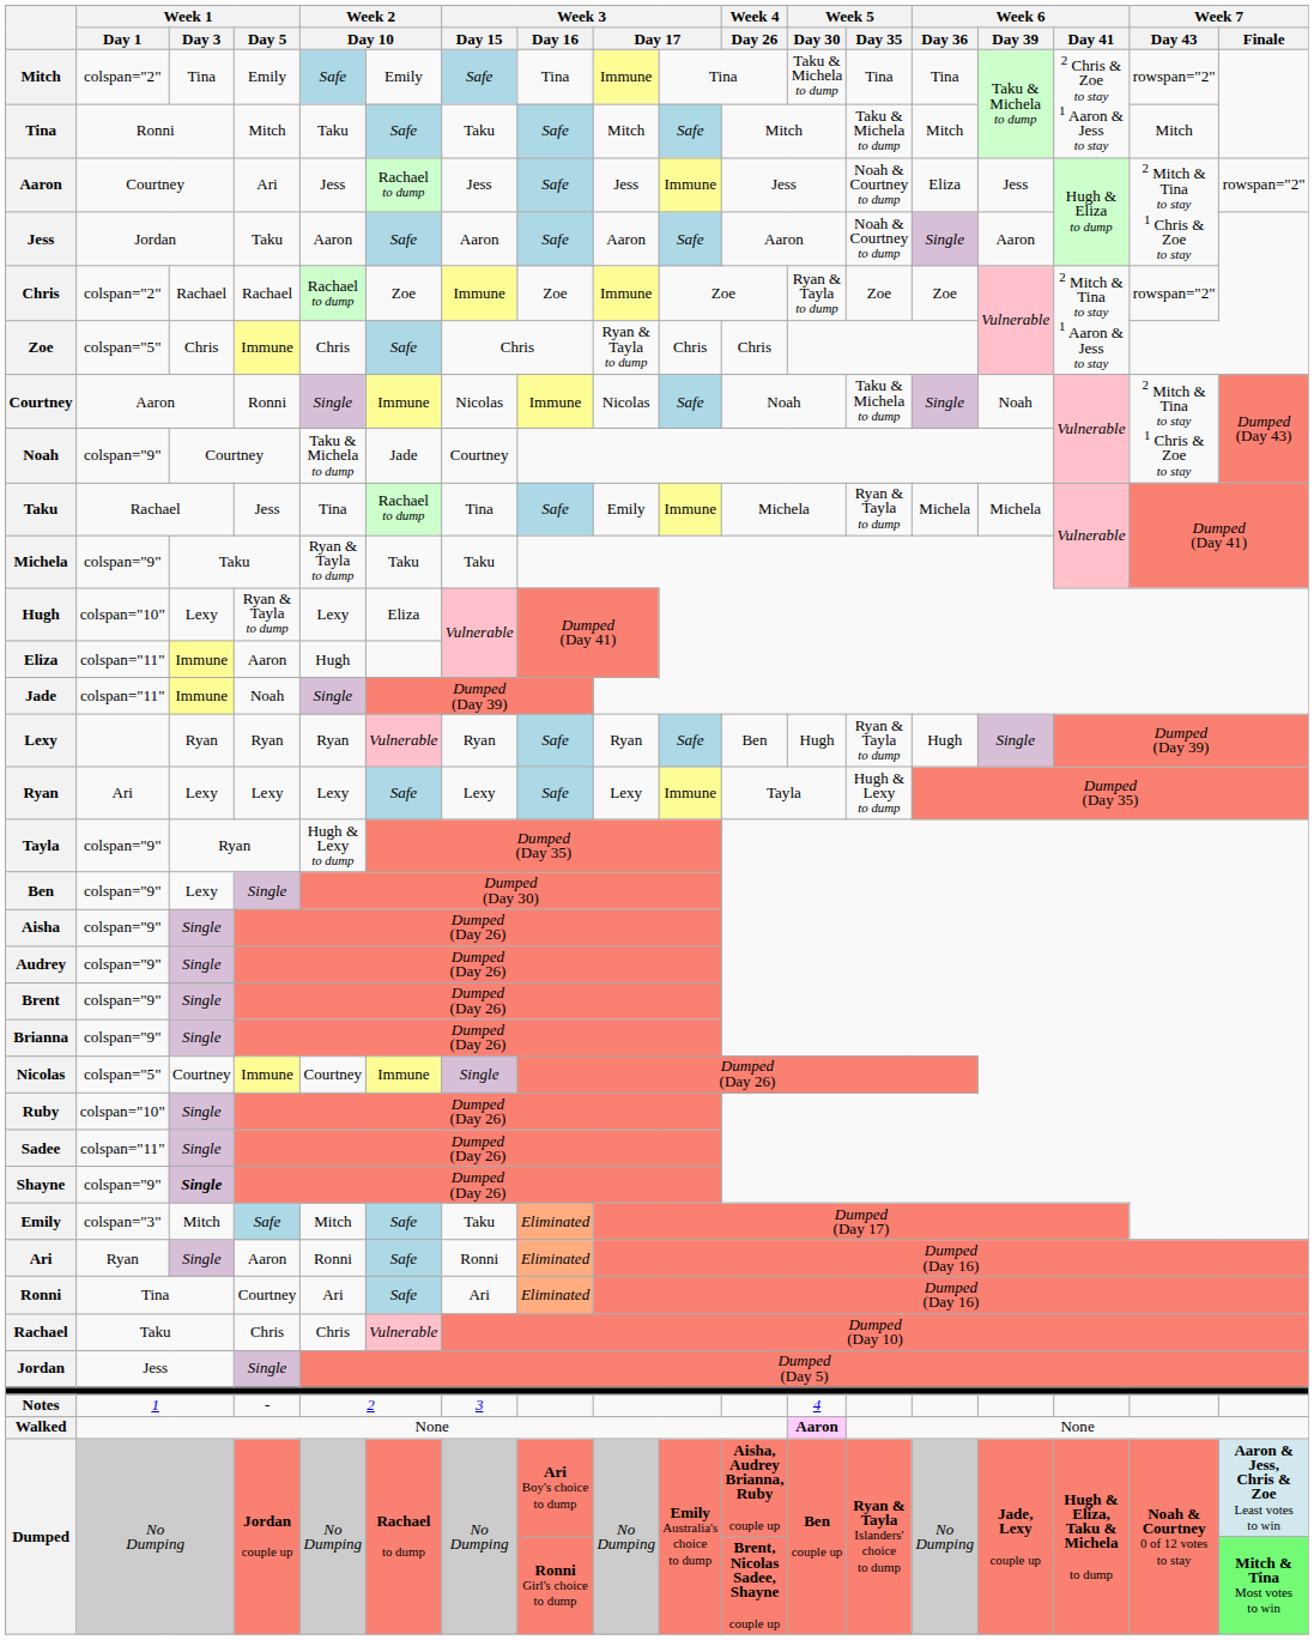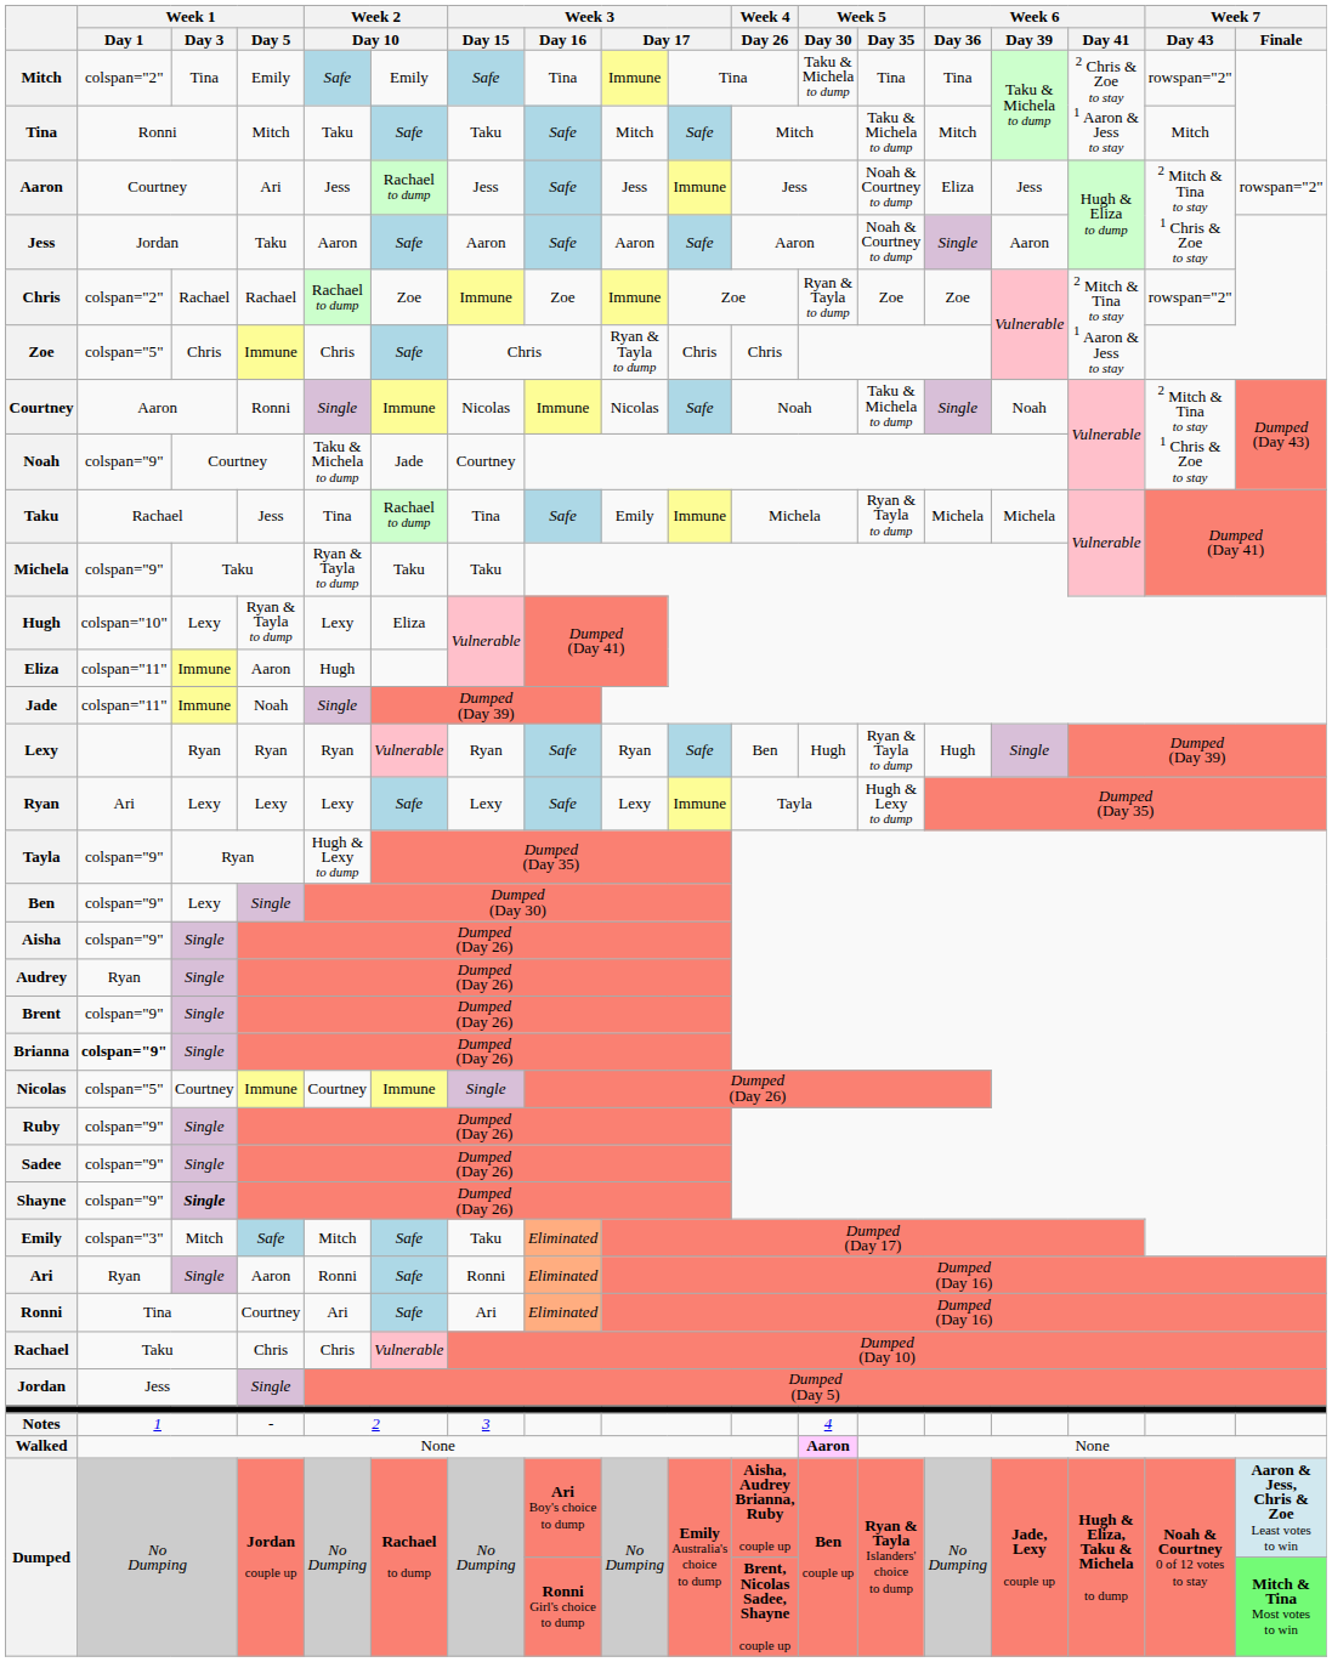 <table class="wikitable" style="text-align:center; font-size:80%; line-height:12px;">
 <tr>
 <th rowspan="2"></th>
 <th colspan="3">Week 1</th>
 <th colspan="2">Week 2</th>
 <th colspan="4">Week 3</th>
 <th>Week 4</th>
 <th colspan="2">Week 5</th>
 <th colspan="3">Week 6</th>
 <th colspan="2">Week 7</th>
 </tr>
 <tr>
 <th>Day 1</th>
 <th>Day 3</th>
 <th>Day 5</th>
 <th colspan="2">Day 10</th>
 <th>Day 15</th>
 <th>Day 16</th>
 <th colspan="2">Day 17</th>
 <th>Day 26</th>
 <th>Day 30</th>
 <th>Day 35</th>
 <th>Day 36</th>
 <th>Day 39</th>
 <th>Day 41</th>
 <th>Day 43</th>
 <th>Finale</th>
 </tr>
 <tr>
 <th height="24">Mitch</th>
 <td>colspan="2" </td>
 <td>Tina</td>
 <td>Emily</td>
 <td style="background:lightblue"><em>Safe</em></td>
 <td>Emily</td>
 <td style="background:lightblue"><em>Safe</em></td>
 <td>Tina</td>
 <td style="background:#fdfd96">Immune</td>
 <td colspan="2">Tina</td>
 <td>Taku & Michela<br><small><em>to dump</em></small></td>
 <td>Tina</td>
 <td>Tina</td>
 <td rowspan="2" style="background:#cfc">Taku & Michela<br><small><em>to dump</em></small></td>
 <td rowspan="2"><sup>2</sup> Chris & Zoe<br><small><em>to stay<br></em></small><sup>1</sup> Aaron & Jess<em><br><small>to stay</small></em></td>
 <td>rowspan="2" </td>
 </tr>
 <tr>
 <th height="24">Tina</th>
 <td colspan="2">Ronni</td>
 <td>Mitch</td>
 <td>Taku</td>
 <td style="background:lightblue"><em>Safe</em></td>
 <td>Taku</td>
 <td style="background:lightblue"><em>Safe</em></td>
 <td>Mitch</td>
 <td style="background:lightblue"><em>Safe</em></td>
 <td colspan="2">Mitch</td>
 <td>Taku & Michela<br><small><em>to dump</em></small></td>
 <td>Mitch</td>
 <td>Mitch</td>
 </tr>
 <tr>
 <th height="24">Aaron</th>
 <td colspan="2">Courtney</td>
 <td>Ari</td>
 <td>Jess</td>
 <td style="background:#cfc;">Rachael <br><small><em>to dump</em></small></td>
 <td>Jess</td>
 <td style="background:lightblue"><em>Safe</em></td>
 <td>Jess</td>
 <td style="background:#fdfd96">Immune</td>
 <td colspan="2">Jess</td>
 <td>Noah & Courtney<br><small><em>to dump</em></small></td>
 <td>Eliza</td>
 <td>Jess</td>
 <td rowspan="2" style="background:#cfc">Hugh & Eliza<br><small><em>to dump</em></small></td>
 <td rowspan="2"><sup>2</sup> Mitch & Tina<br><small><em>to stay<br></em></small><sup>1</sup> Chris & Zoe<em><br><small>to stay</small></em></td>
 <td>rowspan="2" </td>
 </tr>
 <tr>
 <th height="24">Jess</th>
 <td colspan="2">Jordan</td>
 <td>Taku</td>
 <td>Aaron</td>
 <td style="background:lightblue"><em>Safe</em></td>
 <td>Aaron</td>
 <td style="background:lightblue"><em>Safe</em></td>
 <td>Aaron</td>
 <td style="background:lightblue"><em>Safe</em></td>
 <td colspan="2">Aaron</td>
 <td>Noah & Courtney<br><small><em>to dump</em></small></td>
 <td bgcolor="thistle"><em>Single</em></td>
 <td>Aaron</td>
 </tr>
 <tr>
 <th height="24">Chris</th>
 <td>colspan="2" </td>
 <td>Rachael</td>
 <td>Rachael</td>
 <td style="background:#cfc;">Rachael <br><small><em>to dump</em></small></td>
 <td>Zoe</td>
 <td style="background:#fdfd96">Immune</td>
 <td>Zoe</td>
 <td style="background:#fdfd96">Immune</td>
 <td colspan="2">Zoe</td>
 <td>Ryan & Tayla<br><small><em>to dump</em></small></td>
 <td>Zoe</td>
 <td>Zoe</td>
 <td rowspan="2" style="background:pink"><em>Vulnerable</em></td>
 <td rowspan="2"><sup>2</sup> Mitch & Tina<br><small><em>to stay<br></em></small><sup>1</sup> Aaron & Jess<em><br><small>to stay</small></em></td>
 <td>rowspan="2" </td>
 </tr>
 <tr>
 <th height="24">Zoe</th>
 <td>colspan="5" </td>
 <td>Chris</td>
 <td style="background:#fdfd96">Immune</td>
 <td>Chris</td>
 <td style="background:lightblue"><em>Safe</em></td>
 <td colspan="2">Chris</td>
 <td>Ryan & Tayla<br><small><em>to dump</em></small></td>
 <td>Chris</td>
 <td>Chris</td>
 </tr>
 <tr>
 <th height="24">Courtney</th>
 <td colspan="2">Aaron</td>
 <td>Ronni</td>
 <td bgcolor="thistle"><em>Single</em></td>
 <td style="background:#fdfd96">Immune</td>
 <td>Nicolas</td>
 <td style="background:#fdfd96">Immune</td>
 <td>Nicolas</td>
 <td style="background:lightblue"><em>Safe</em></td>
 <td colspan="2">Noah</td>
 <td>Taku & Michela<br><small><em>to dump</em></small></td>
 <td bgcolor="thistle"><em>Single</em></td>
 <td>Noah</td>
 <td rowspan="2" style="background:pink"><em>Vulnerable</em></td>
 <td rowspan="2"><sup>2</sup> Mitch & Tina<br><small><em>to stay<br></em></small><sup>1</sup> Chris & Zoe<em><br><small>to stay</small></em></td>
 <td rowspan="2" style="background:#FA8072;"><em>Dumped</em><br>(Day 43)</td>
 </tr>
 <tr>
 <th height="24">Noah</th>
 <td>colspan="9" </td>
 <td colspan="2">Courtney</td>
 <td>Taku & Michela<br><small><em>to dump</em></small></td>
 <td>Jade</td>
 <td>Courtney</td>
 </tr>
 <tr>
 <th height="24">Taku</th>
 <td colspan="2">Rachael</td>
 <td>Jess</td>
 <td>Tina</td>
 <td style="background:#cfc;">Rachael <br><small><em>to dump</em></small></td>
 <td>Tina</td>
 <td style="background:lightblue"><em>Safe</em></td>
 <td>Emily</td>
 <td style="background:#fdfd96">Immune</td>
 <td colspan="2">Michela</td>
 <td>Ryan & Tayla<br><small><em>to dump</em></small></td>
 <td>Michela</td>
 <td>Michela</td>
 <td rowspan="2" style="background:pink"><em>Vulnerable</em></td>
 <td rowspan="2" colspan="2" style="background:#FA8072;"><em>Dumped</em><br>(Day 41)</td>
 </tr>
 <tr>
 <th height="24">Michela</th>
 <td>colspan="9" </td>
 <td colspan="2">Taku</td>
 <td>Ryan & Tayla<br><small><em>to dump</em></small></td>
 <td>Taku</td>
 <td>Taku</td>
 </tr>
 <tr>
 <th height="24">Hugh</th>
 <td>colspan="10" </td>
 <td>Lexy</td>
 <td>Ryan & Tayla<br><small><em>to dump</em></small></td>
 <td>Lexy</td>
 <td>Eliza</td>
 <td rowspan="2" style="background:pink"><em>Vulnerable</em></td>
 <td rowspan="2"colspan="2" style="background:#FA8072;"><em>Dumped</em><br>(Day 41)</td>
 </tr>
 <tr>
 <th height="24">Eliza</th>
 <td>colspan="11" </td>
 <td style="background:#fdfd96">Immune</td>
 <td>Aaron</td>
 <td>Hugh</td>
 </tr>
 <tr>
 <th height="24">Jade</th>
 <td>colspan="11" </td>
 <td style="background:#fdfd96">Immune</td>
 <td>Noah</td>
 <td bgcolor="thistle"><em>Single</em></td>
 <td colspan="3" style="background:#FA8072;"><em>Dumped</em><br>(Day 39)</td>
 </tr>
 <tr>
 <th height="24">Lexy</th>
 <td></td>
 <td>Ryan</td>
 <td>Ryan</td>
 <td>Ryan</td>
 <td style="background:pink"><em>Vulnerable</em></td>
 <td>Ryan</td>
 <td style="background:lightblue"><em>Safe</em></td>
 <td>Ryan</td>
 <td style="background:lightblue"><em>Safe</em></td>
 <td>Ben</td>
 <td>Hugh</td>
 <td>Ryan & Tayla<br><small><em>to dump</em></small></td>
 <td>Hugh</td>
 <td bgcolor="thistle"><em>Single</em></td>
 <td colspan="3" style="background:#FA8072;"><em>Dumped</em><br>(Day 39)</td>
 </tr>
 <tr>
 <th height="24">Ryan</th>
 <td>Ari</td>
 <td>Lexy</td>
 <td>Lexy</td>
 <td>Lexy</td>
 <td style="background:lightblue"><em>Safe</em></td>
 <td>Lexy</td>
 <td style="background:lightblue"><em>Safe</em></td>
 <td>Lexy</td>
 <td style="background:#fdfd96">Immune</td>
 <td colspan="2">Tayla</td>
 <td>Hugh & Lexy<br><small><em>to dump</em></small></td>
 <td colspan="5" style="background:#FA8072;"><em>Dumped</em><br>(Day 35)</td>
 </tr>
 <tr>
 <th height="24">Tayla</th>
 <td>colspan="9" </td>
 <td colspan="2">Ryan</td>
 <td>Hugh & Lexy<br><small><em>to dump</em></small></td>
 <td colspan="5" style="background:#FA8072;"><em>Dumped</em><br>(Day 35)</td>
 </tr>
 <tr>
 <th height="24">Ben</th>
 <td>colspan="9" </td>
 <td>Lexy</td>
 <td bgcolor="thistle"><em>Single</em></td>
 <td colspan="6" style="background:#FA8072;"><em>Dumped</em><br>(Day 30)</td>
 </tr>
 <tr>
 <th>Aisha</th>
 <td>colspan="9" </td>
 <td bgcolor="thistle"><em>Single</em></td>
 <td colspan="7" style="background:#FA8072;"><em>Dumped</em><br>(Day 26)</td>
 </tr>
 <tr>
 <th>Audrey</th>
-<td>colspan="9" </td>
+<td>Ryan</td>
 <td bgcolor="thistle"><em>Single</em></td>
 <td colspan="7" style="background:#FA8072;"><em>Dumped</em><br>(Day 26)</td>
 </tr>
 <tr>
 <th>Brent</th>
 <td>colspan="9" </td>
 <td bgcolor="thistle"><em>Single</em></td>
 <td colspan="7" style="background:#FA8072;"><em>Dumped</em><br>(Day 26)</td>
 </tr>
 <tr>
 <th>Brianna</th>
-<td>colspan="9" </td>
+<td><strong>colspan="9" </strong></td>
 <td bgcolor="thistle"><em>Single</em></td>
 <td colspan="7" style="background:#FA8072;"><em>Dumped</em><br>(Day 26)</td>
 </tr>
 <tr>
 <th height="24">Nicolas</th>
 <td>colspan="5" </td>
 <td>Courtney</td>
 <td style="background:#fdfd96">Immune</td>
 <td>Courtney</td>
 <td style="background:#fdfd96">Immune</td>
 <td bgcolor="thistle"><em>Single</em></td>
 <td colspan="7" style="background:#FA8072;"><em>Dumped</em><br>(Day 26)</td>
 </tr>
 <tr>
 <th>Ruby</th>
-<td>colspan="10" </td>
+<td>colspan="9" </td>
 <td bgcolor="thistle"><em>Single</em></td>
 <td colspan="7" style="background:#FA8072;"><em>Dumped</em><br>(Day 26)</td>
 </tr>
 <tr>
 <th>Sadee</th>
-<td>colspan="11" </td>
+<td>colspan="9" </td>
 <td bgcolor="thistle"><em>Single</em></td>
 <td colspan="7" style="background:#FA8072;"><em>Dumped</em><br>(Day 26)</td>
 </tr>
 <tr>
 <th>Shayne</th>
 <td>colspan="9" </td>
 <td bgcolor="thistle"><strong><em>Single</em></strong></td>
 <td colspan="7" style="background:#FA8072;"><em>Dumped</em><br>(Day 26)</td>
 </tr>
 <tr>
 <th height="24">Emily</th>
 <td>colspan="3" </td>
 <td>Mitch</td>
 <td style="background:lightblue"><em>Safe</em></td>
 <td>Mitch</td>
 <td style="background:lightblue"><em>Safe</em></td>
 <td>Taku</td>
 <td style="background:#ffad80"><em>Eliminated</em></td>
 <td colspan="8" style="background:#FA8072;"><em>Dumped</em><br>(Day 17)</td>
 </tr>
 <tr>
 <th height="24">Ari</th>
 <td>Ryan</td>
 <td bgcolor="thistle"><em>Single</em></td>
 <td>Aaron</td>
 <td>Ronni</td>
 <td style="background:lightblue"><em>Safe</em></td>
 <td>Ronni</td>
 <td style="background:#ffad80"><em>Eliminated</em></td>
 <td colspan="10" style="background:#FA8072;"><em>Dumped</em><br>(Day 16)</td>
 </tr>
 <tr>
 <th height="24">Ronni</th>
 <td colspan="2">Tina</td>
 <td>Courtney</td>
 <td>Ari</td>
 <td style="background:lightblue"><em>Safe</em></td>
 <td>Ari</td>
 <td style="background:#ffad80"><em>Eliminated</em></td>
 <td colspan="10" style="background:#FA8072;"><em>Dumped</em><br>(Day 16)</td>
 </tr>
 <tr>
 <th height="24">Rachael</th>
 <td colspan="2">Taku</td>
 <td>Chris</td>
 <td>Chris</td>
 <td style="background:pink"><em>Vulnerable</em></td>
 <td colspan="12" style="background:#FA8072;"><em>Dumped</em><br>(Day 10)</td>
 </tr>
 <tr>
 <th height="24">Jordan</th>
 <td colspan="2">Jess</td>
 <td bgcolor="thistle"><em>Single</em></td>
 <td colspan="14" style="background:#FA8072;"><em>Dumped</em><br>(Day 5)</td>
 </tr>
 <tr>
 <th colspan="18" style="background:#000"></th>
 </tr>
 <tr>
 <th>Notes</th>
 <td colspan="2"><em><a href='#'>1</a></em></td>
 <td>-</td>
 <td colspan="2"><em><a href='#'>2</a></em></td>
 <td><em><a href='#'>3</a></em></td>
 <td></td>
 <td colspan="2"></td>
 <td></td>
 <td><em><a href='#'>4</a></em></td>
 <td></td>
 <td></td>
 <td></td>
 <td></td>
 <td></td>
 <td></td>
 </tr>
 <tr>
 <th>Walked</th>
 <td colspan="10">None</td>
 <td style="background:#fcf"><strong>Aaron</strong></td>
 <td colspan="6">None</td>
 </tr>
 <tr>
 <th rowspan="2">Dumped</th>
 <td rowspan="2" colspan="2" style="background:#ccc"><em>No<br>Dumping</em></td>
 <td rowspan="2" style="background:salmon"><strong>Jordan</strong><br><small><br>couple up</small></td>
 <td rowspan="2" style="background:#ccc"><em>No<br>Dumping</em></td>
 <td rowspan="2" style="background:salmon"><strong>Rachael</strong><br><small><br>to dump</small></td>
 <td rowspan="2" style="background:#ccc"><em>No<br>Dumping</em></td>
 <td style="background:salmon"><strong>Ari</strong><br><small>Boy's choice<br>to dump</small></td>
 <td rowspan="2" style="background:#ccc"><em>No<br>Dumping</em></td>
 <td rowspan="2" style="background:salmon"><strong>Emily</strong><br><small>Australia's<br>choice<br>to dump</small></td>
 <td style="background:salmon"><strong>Aisha, Audrey</strong><br><strong>Brianna, Ruby</strong><br><small><br>couple up</small></td>
 <td rowspan="2" style="background:salmon"><strong>Ben</strong><br><small><br>couple up</small></td>
 <td rowspan="2" style="background:salmon"><strong>Ryan & Tayla</strong><br><small>Islanders'<br>choice<br>to dump</small></td>
 <td rowspan="2" style="background:#ccc"><em>No<br>Dumping</em></td>
 <td rowspan="2" style="background:salmon"><strong>Jade,<br>Lexy</strong><br><small><br>couple up</small></td>
 <td rowspan="2" style="background:salmon"><strong>Hugh & Eliza,<br>Taku & Michela</strong><br><small><br>to dump</small></td>
 <td rowspan="2" style="background:salmon"><strong>Noah & Courtney</strong><br><small>0 of 12 votes<br>to stay</small></td>
 <td style="background:#D1E8EF"><strong>Aaron & Jess,<br>Chris & Zoe</strong><br><small>Least votes<br>to win</small></td>
 </tr>
 <tr>
 <td style="background:salmon"><strong>Ronni</strong><br><small>Girl's choice<br>to dump</small></td>
 <td style="background:salmon"><strong>Brent, Nicolas</strong><br><strong>Sadee, Shayne</strong><br><small><br>couple up</small></td>
 <td style="background:#73FB76"><strong>Mitch & Tina</strong><br><small>Most votes<br>to win</small></td>
 </tr>
 </table>
